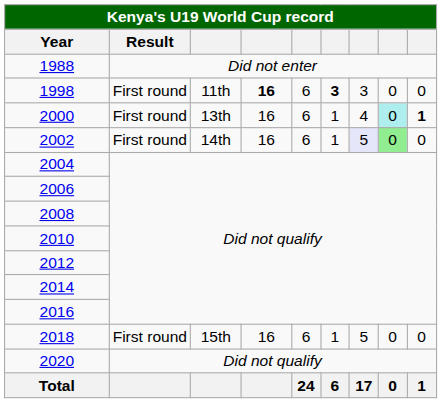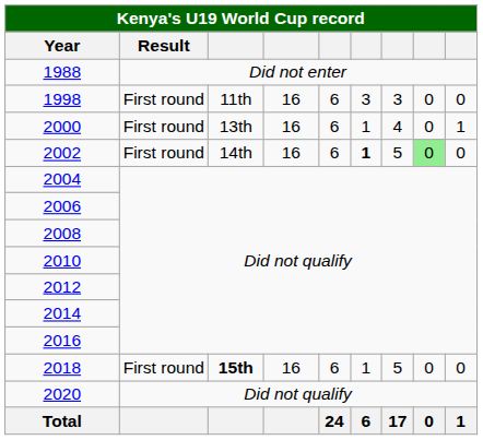 <table class="wikitable" style="font-size:90%; text-align:center;">
 <tr>
 <th style="color:white; background:#006600;" colspan=9>Kenya's U19 World Cup record</th>
 </tr>
 <tr>
 <th width="90">Year</th>
 <th>Result</th>
 <th width="40"></th>
 <th width="40"></th>
 <th width="20"></th>
 <th width="20"></th>
 <th width="20"></th>
 <th width="20"></th>
 <th width="20"></th>
 </tr>
 <tr>
 <td> <a href='#'>1988</a></td>
 <td colspan=8><em>Did not enter</em></td>
 </tr>
 <tr>
 <td> <a href='#'>1998</a></td>
 <td>First round</td>
 <td>11th</td>
-<td><strong>16</strong></td>
+<td>16</td>
 <td>6</td>
-<td><strong>3</strong></td>
+<td>3</td>
 <td>3</td>
 <td>0</td>
 <td>0</td>
 </tr>
 <tr>
 <td> <a href='#'>2000</a></td>
 <td>First round</td>
 <td>13th</td>
 <td>16</td>
 <td>6</td>
 <td>1</td>
 <td>4</td>
-<td style="background: paleturquoise;">0</td>
-<td><strong>1</strong></td>
+<td>0</td>
+<td>1</td>
 </tr>
 <tr>
 <td> <a href='#'>2002</a></td>
 <td>First round</td>
 <td>14th</td>
 <td>16</td>
 <td>6</td>
-<td>1</td>
-<td style="background: lavender;">5</td>
+<td><strong>1</strong></td>
+<td>5</td>
 <td style="background: lightgreen;">0</td>
 <td>0</td>
 </tr>
 <tr>
 <td> <a href='#'>2004</a></td>
 <td colspan=8 rowspan=7><em>Did not qualify</em></td>
 </tr>
 <tr>
 <td> <a href='#'>2006</a></td>
 </tr>
 <tr>
 <td> <a href='#'>2008</a></td>
 </tr>
 <tr>
 <td> <a href='#'>2010</a></td>
 </tr>
 <tr>
 <td> <a href='#'>2012</a></td>
 </tr>
 <tr>
 <td> <a href='#'>2014</a></td>
 </tr>
 <tr>
 <td> <a href='#'>2016</a></td>
 </tr>
 <tr>
 <td> <a href='#'>2018</a></td>
 <td>First round</td>
-<td>15th</td>
+<td><strong>15th</strong></td>
 <td>16</td>
 <td>6</td>
 <td>1</td>
 <td>5</td>
 <td>0</td>
 <td>0</td>
 </tr>
 <tr>
 <td> <a href='#'>2020</a></td>
 <td colspan=8><em>Did not qualify</em></td>
 </tr>
 <tr>
 <th>Total</th>
 <th></th>
 <th></th>
 <th></th>
 <th>24</th>
 <th>6</th>
 <th>17</th>
 <th>0</th>
 <th>1</th>
 </tr>
 </table>
